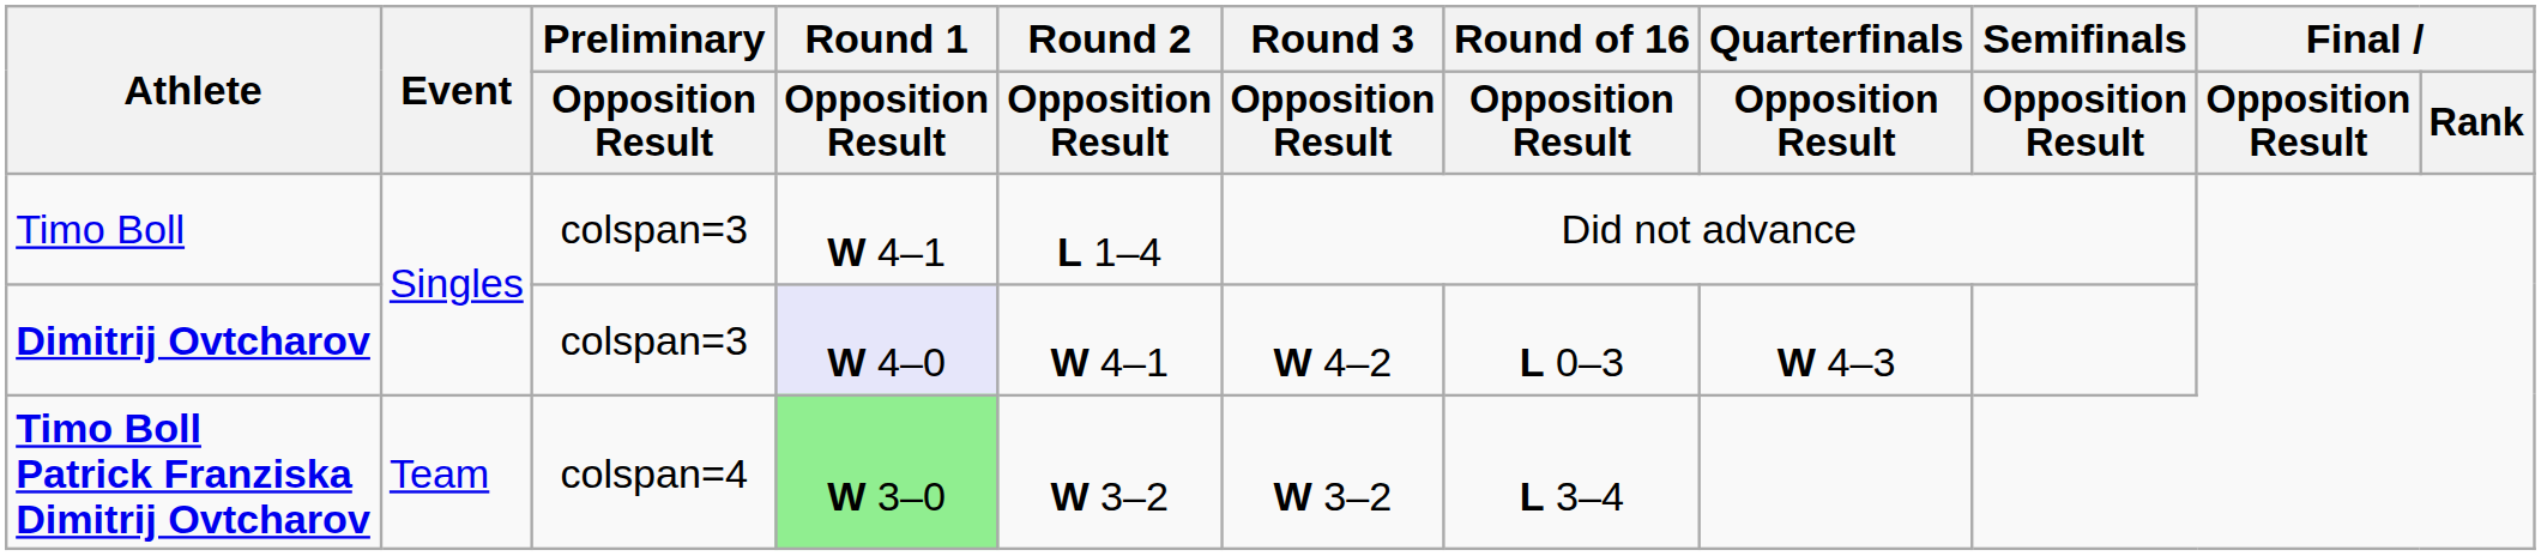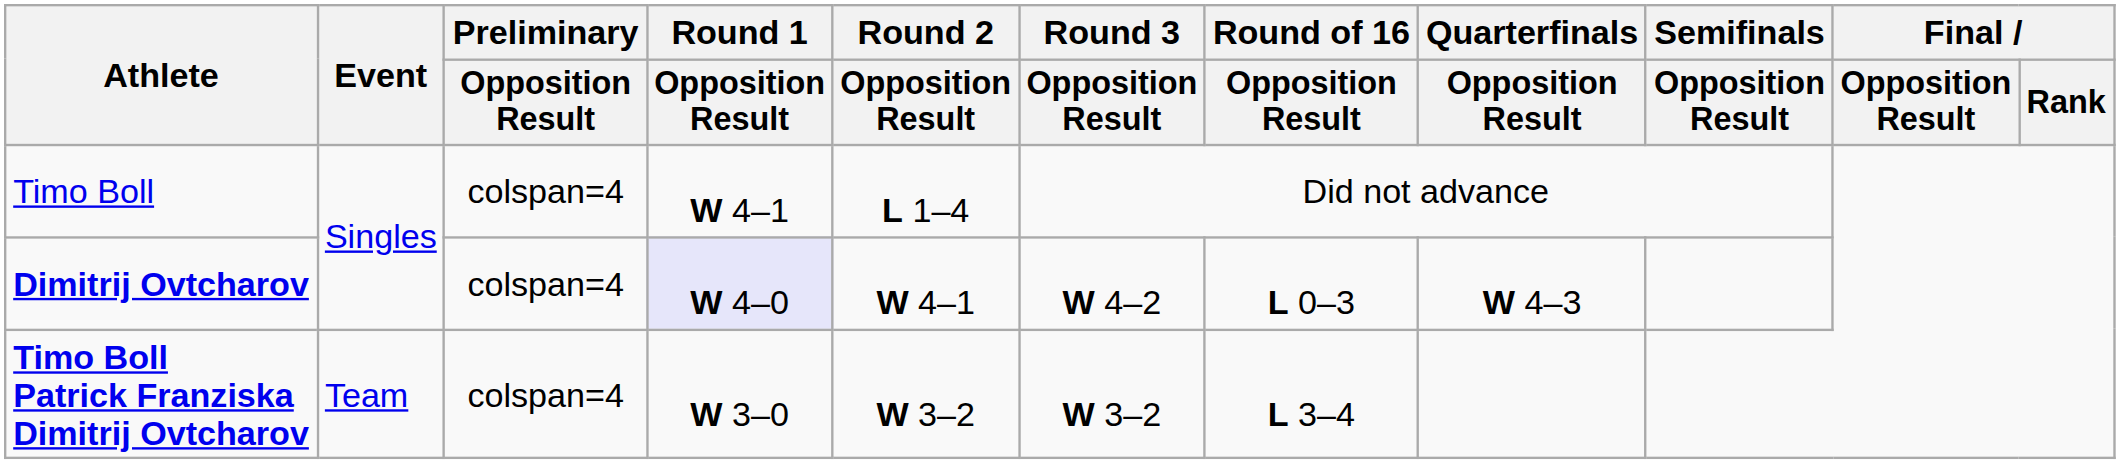 <table class="wikitable" style="font-size:90%">
 <tr>
 <th rowspan=2>Athlete</th>
 <th rowspan=2>Event</th>
 <th>Preliminary</th>
 <th>Round 1</th>
 <th>Round 2</th>
 <th>Round 3</th>
 <th>Round of 16</th>
 <th>Quarterfinals</th>
 <th>Semifinals</th>
 <th colspan=2>Final / </th>
 </tr>
 <tr style="font-size:95%">
 <th>Opposition<br>Result</th>
 <th>Opposition<br>Result</th>
 <th>Opposition<br>Result</th>
 <th>Opposition<br>Result</th>
 <th>Opposition<br>Result</th>
 <th>Opposition<br>Result</th>
 <th>Opposition<br>Result</th>
 <th>Opposition<br>Result</th>
 <th>Rank</th>
 </tr>
 <tr align=center>
 <td align=left><a href='#'>Timo Boll</a></td>
 <td align=left rowspan=2><a href='#'>Singles</a></td>
-<td>colspan=3 </td>
+<td>colspan=4 </td>
 <td><br><strong>W</strong> 4–1</td>
 <td><br><strong>L</strong> 1–4</td>
 <td colspan=4>Did not advance</td>
 </tr>
 <tr align=center>
 <td align=left><strong><a href='#'>Dimitrij Ovtcharov</a></strong></td>
-<td>colspan=3 </td>
+<td>colspan=4 </td>
 <td style="background: lavender;"><br><strong>W</strong> 4–0</td>
 <td><br><strong>W</strong> 4–1</td>
 <td><br><strong>W</strong> 4–2</td>
 <td><br><strong>L</strong> 0–3</td>
 <td><br><strong>W</strong> 4–3</td>
 <td></td>
 </tr>
 <tr align=center>
 <td align=left><strong><a href='#'>Timo Boll</a><br><a href='#'>Patrick Franziska</a><br><a href='#'>Dimitrij Ovtcharov</a></strong></td>
 <td align=left><a href='#'>Team</a></td>
 <td>colspan=4 </td>
-<td style="background: lightgreen;"><br><strong>W</strong> 3–0</td>
+<td><br><strong>W</strong> 3–0</td>
 <td><br><strong>W</strong> 3–2</td>
 <td><br><strong>W</strong> 3–2</td>
 <td><br><strong>L</strong> 3–4</td>
 <td></td>
 </tr>
 </table>
